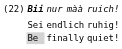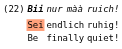 <table>
 <tr>
 <td>(22)</td>
 <td><strong><em>Bii</em></strong></td>
 <td><em>nur</em></td>
 <td><em>màà</em></td>
 <td><em>ruich!</em></td>
 </tr>
 <tr>
 <td></td>
 <td></td>
 <td></td>
 <td></td>
 <td></td>
 </tr>
 <tr>
 <td></td>
-<td>Sei</td>
+<td style="background: lightsalmon;">Sei</td>
 <td colspan="2" style="text-align:center;">endlich</td>
 <td>ruhig!</td>
 </tr>
 <tr>
 <td></td>
-<td style="background: lightgrey;">Be</td>
+<td>Be</td>
 <td colspan="2" style="text-align:center;">finally</td>
 <td>quiet!</td>
 </tr>
 </table>
